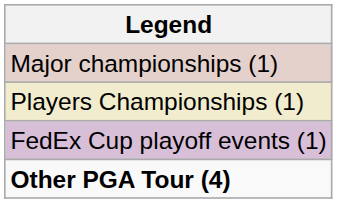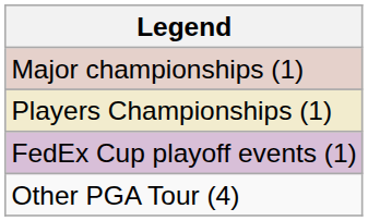 <table class="wikitable" style="font-size:95%;">
 <tr>
 <th>Legend</th>
 </tr>
 <tr style="background:#e5d1cb;">
 <td>Major championships (1)</td>
 </tr>
 <tr style="background:#f2ecce;">
 <td>Players Championships (1)</td>
 </tr>
 <tr style="background:#D8BFD8;">
 <td>FedEx Cup playoff events (1)</td>
 </tr>
 <tr>
-<td><strong>Other PGA Tour (4)</strong></td>
+<td>Other PGA Tour (4)</td>
 </tr>
 </table>
